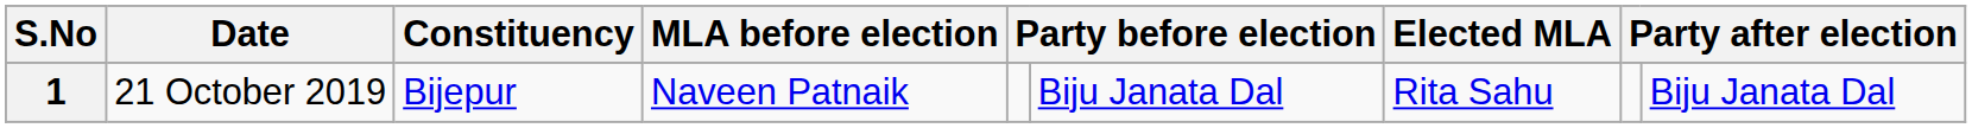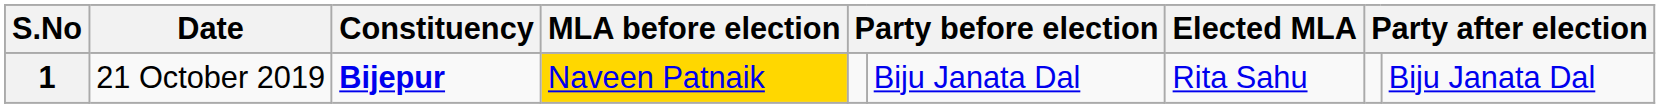 <table class="wikitable sortable">
 <tr>
 <th>S.No</th>
 <th>Date</th>
 <th>Constituency</th>
 <th>MLA before election</th>
 <th colspan="2">Party before election</th>
 <th>Elected MLA</th>
 <th colspan="2">Party after election</th>
 </tr>
 <tr>
 <th>1</th>
 <td>21 October 2019</td>
-<td><a href='#'>Bijepur</a></td>
-<td><a href='#'>Naveen Patnaik</a></td>
+<td><strong><a href='#'>Bijepur</a></strong></td>
+<td style="background: gold;"><a href='#'>Naveen Patnaik</a></td>
 <td></td>
 <td><a href='#'>Biju Janata Dal</a></td>
 <td><a href='#'>Rita Sahu</a></td>
 <td></td>
 <td><a href='#'>Biju Janata Dal</a></td>
 </tr>
 </table>
